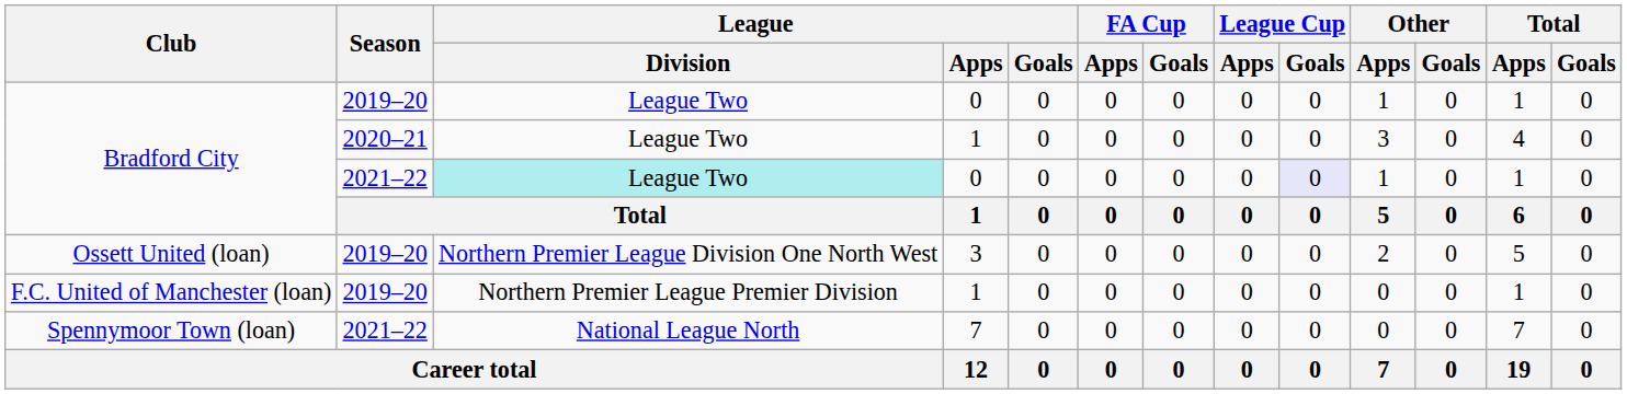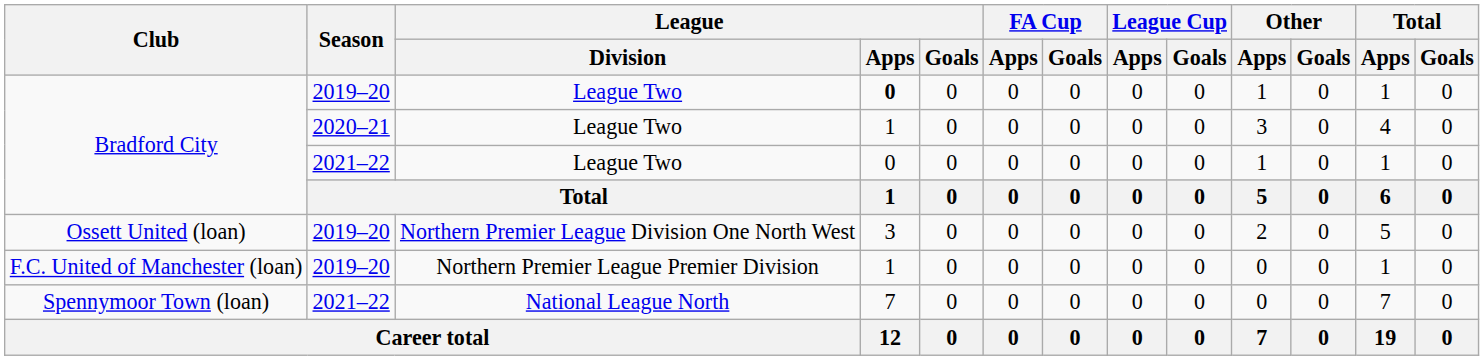 <table class=wikitable style="text-align: center">
 <tr>
 <th rowspan=2>Club</th>
 <th rowspan=2>Season</th>
 <th colspan=3>League</th>
 <th colspan=2><a href='#'>FA Cup</a></th>
 <th colspan=2><a href='#'>League Cup</a></th>
 <th colspan=2>Other</th>
 <th colspan=2>Total</th>
 </tr>
 <tr>
 <th>Division</th>
 <th>Apps</th>
 <th>Goals</th>
 <th>Apps</th>
 <th>Goals</th>
 <th>Apps</th>
 <th>Goals</th>
 <th>Apps</th>
 <th>Goals</th>
 <th>Apps</th>
 <th>Goals</th>
 </tr>
 <tr>
 <td rowspan=4><a href='#'>Bradford City</a></td>
 <td><a href='#'>2019–20</a></td>
 <td><a href='#'>League Two</a></td>
-<td>0</td>
+<td><strong>0</strong></td>
 <td>0</td>
 <td>0</td>
 <td>0</td>
 <td>0</td>
 <td>0</td>
 <td>1</td>
 <td>0</td>
 <td>1</td>
 <td>0</td>
 </tr>
 <tr>
 <td><a href='#'>2020–21</a></td>
 <td>League Two</td>
 <td>1</td>
 <td>0</td>
 <td>0</td>
 <td>0</td>
 <td>0</td>
 <td>0</td>
 <td>3</td>
 <td>0</td>
 <td>4</td>
 <td>0</td>
 </tr>
 <tr>
 <td><a href='#'>2021–22</a></td>
-<td style="background: paleturquoise;">League Two</td>
+<td>League Two</td>
 <td>0</td>
 <td>0</td>
 <td>0</td>
 <td>0</td>
 <td>0</td>
-<td style="background: lavender;">0</td>
+<td>0</td>
 <td>1</td>
 <td>0</td>
 <td>1</td>
 <td>0</td>
 </tr>
 <tr>
 <th colspan=2>Total</th>
 <th>1</th>
 <th>0</th>
 <th>0</th>
 <th>0</th>
 <th>0</th>
 <th>0</th>
 <th>5</th>
 <th>0</th>
 <th>6</th>
 <th>0</th>
 </tr>
 <tr>
 <td><a href='#'>Ossett United</a> (loan)</td>
 <td><a href='#'>2019–20</a></td>
 <td><a href='#'>Northern Premier League</a> Division One North West</td>
 <td>3</td>
 <td>0</td>
 <td>0</td>
 <td>0</td>
 <td>0</td>
 <td>0</td>
 <td>2</td>
 <td>0</td>
 <td>5</td>
 <td>0</td>
 </tr>
 <tr>
 <td><a href='#'>F.C. United of Manchester</a> (loan)</td>
 <td><a href='#'>2019–20</a></td>
 <td>Northern Premier League Premier Division</td>
 <td>1</td>
 <td>0</td>
 <td>0</td>
 <td>0</td>
 <td>0</td>
 <td>0</td>
 <td>0</td>
 <td>0</td>
 <td>1</td>
 <td>0</td>
 </tr>
 <tr>
 <td><a href='#'>Spennymoor Town</a> (loan)</td>
 <td><a href='#'>2021–22</a></td>
 <td><a href='#'>National League North</a></td>
 <td>7</td>
 <td>0</td>
 <td>0</td>
 <td>0</td>
 <td>0</td>
 <td>0</td>
 <td>0</td>
 <td>0</td>
 <td>7</td>
 <td>0</td>
 </tr>
 <tr>
 <th colspan=3>Career total</th>
 <th>12</th>
 <th>0</th>
 <th>0</th>
 <th>0</th>
 <th>0</th>
 <th>0</th>
 <th>7</th>
 <th>0</th>
 <th>19</th>
 <th>0</th>
 </tr>
 </table>
